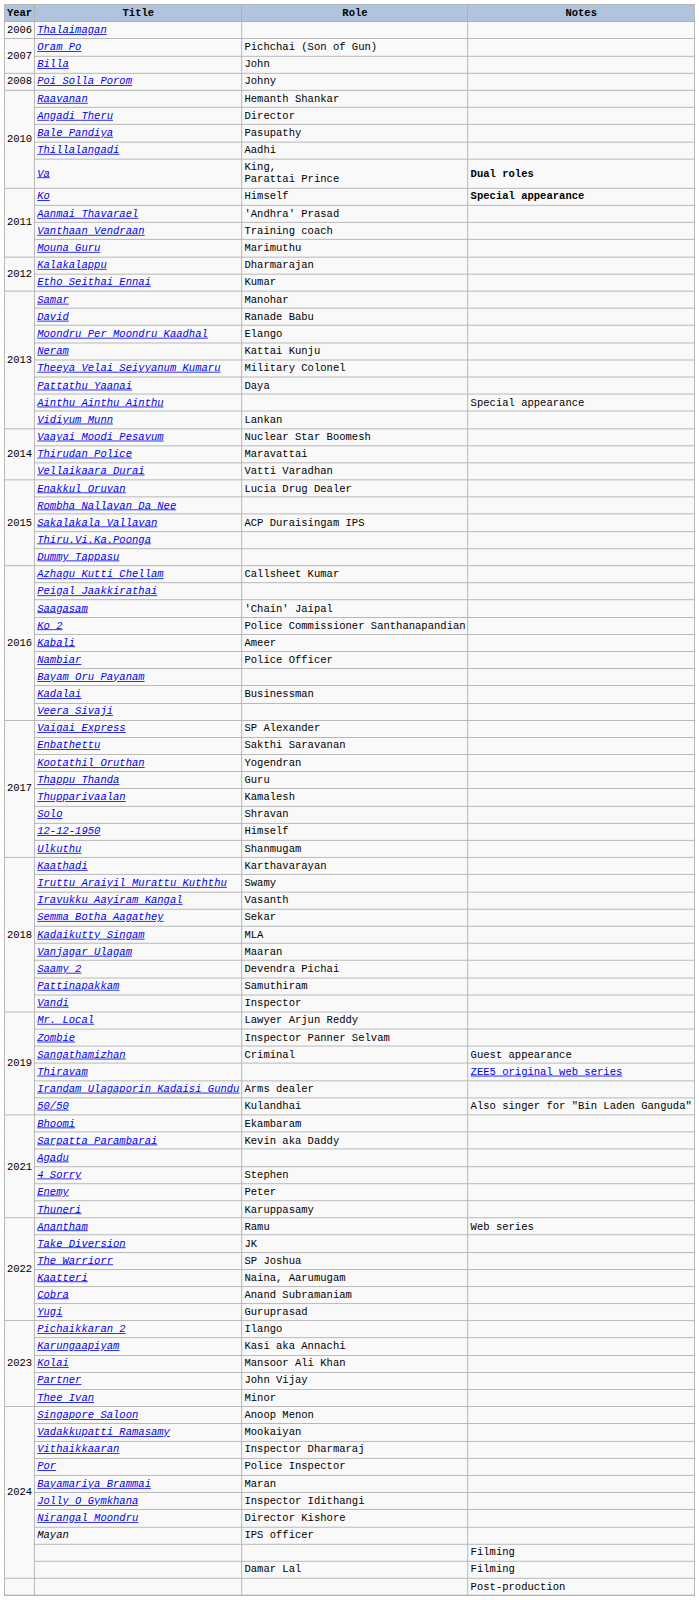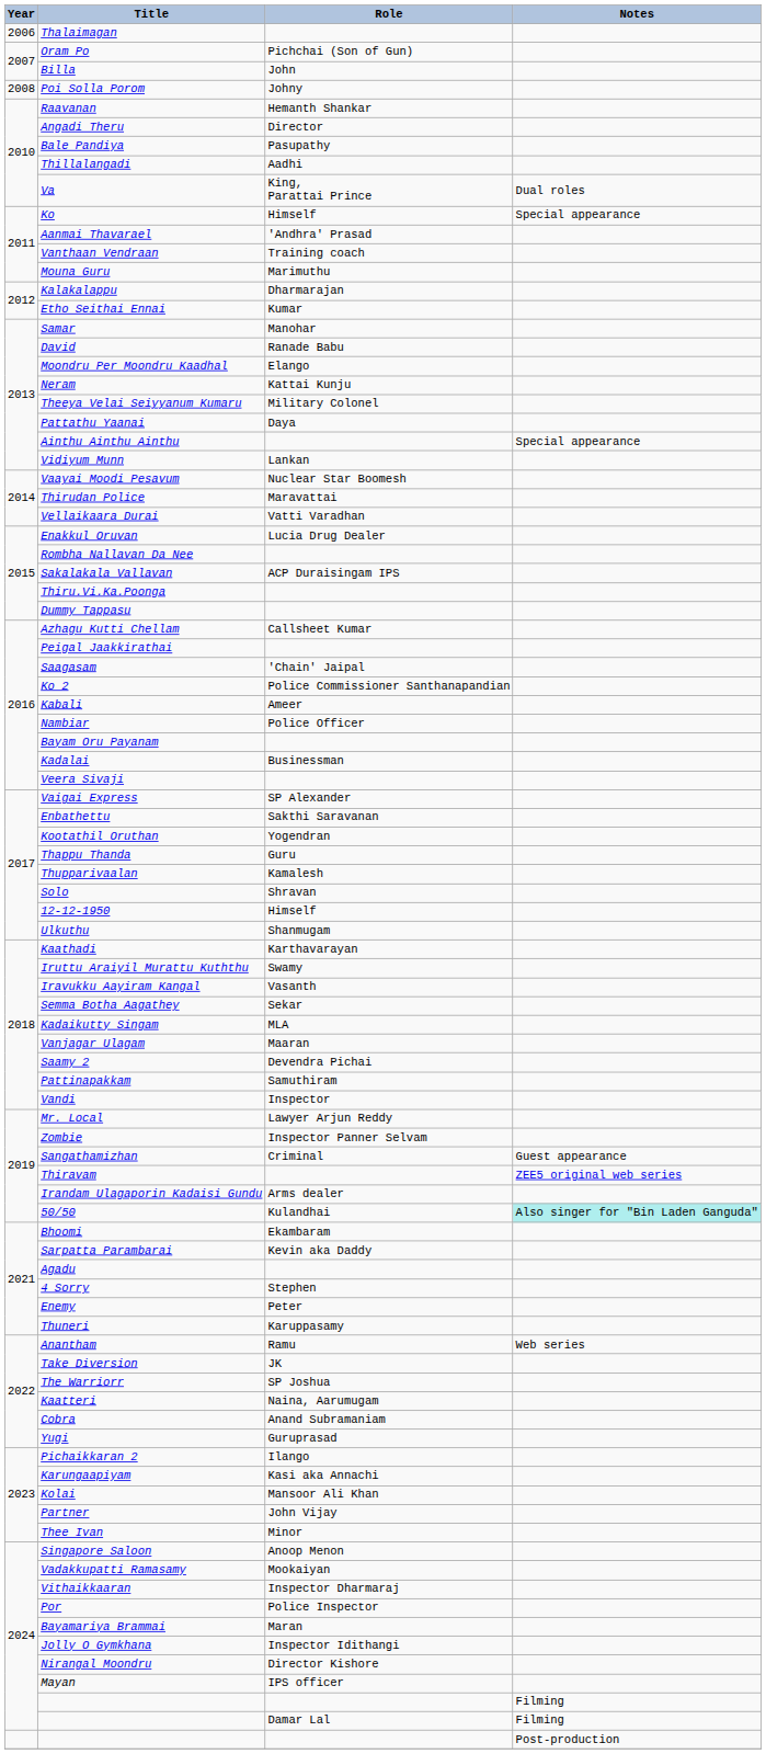 <table class="wikitable sortable">
 <tr style="text-align:center;">
 <th style="background:#B0C4DE;">Year</th>
 <th style="background:#B0C4DE;">Title</th>
 <th style="background:#B0C4DE;">Role</th>
 <th style="background:#B0C4DE;">Notes</th>
 </tr>
 <tr>
 <td>2006</td>
 <td><em><a href='#'>Thalaimagan</a></em></td>
 <td></td>
 <td></td>
 </tr>
 <tr>
 <td rowspan="2">2007</td>
 <td><em><a href='#'>Oram Po</a></em></td>
 <td>Pichchai (Son of Gun)</td>
 <td></td>
 </tr>
 <tr>
 <td><em><a href='#'>Billa</a></em></td>
 <td>John</td>
 <td></td>
 </tr>
 <tr>
 <td>2008</td>
 <td><em><a href='#'>Poi Solla Porom</a></em></td>
 <td>Johny</td>
 <td></td>
 </tr>
 <tr>
 <td rowspan="5">2010</td>
 <td><em><a href='#'>Raavanan</a></em></td>
 <td>Hemanth Shankar</td>
 <td></td>
 </tr>
 <tr>
 <td><em><a href='#'>Angadi Theru</a></em></td>
 <td>Director</td>
 <td></td>
 </tr>
 <tr>
 <td><em><a href='#'>Bale Pandiya</a></em></td>
 <td>Pasupathy</td>
 <td></td>
 </tr>
 <tr>
 <td><em><a href='#'>Thillalangadi</a></em></td>
 <td>Aadhi</td>
 <td></td>
 </tr>
 <tr>
 <td><em><a href='#'>Va</a></em></td>
 <td>King,<br>Parattai Prince</td>
-<td><strong>Dual roles</strong></td>
+<td>Dual roles</td>
 </tr>
 <tr>
 <td rowspan="4">2011</td>
 <td><em><a href='#'>Ko</a></em></td>
 <td>Himself</td>
-<td><strong>Special appearance</strong></td>
+<td>Special appearance</td>
 </tr>
 <tr>
 <td><em><a href='#'>Aanmai Thavarael</a></em></td>
 <td>'Andhra' Prasad</td>
 <td></td>
 </tr>
 <tr>
 <td><em><a href='#'>Vanthaan Vendraan</a></em></td>
 <td>Training coach</td>
 <td></td>
 </tr>
 <tr>
 <td><em><a href='#'>Mouna Guru</a></em></td>
 <td>Marimuthu</td>
 <td></td>
 </tr>
 <tr>
 <td rowspan="2">2012</td>
 <td><em><a href='#'>Kalakalappu</a></em></td>
 <td>Dharmarajan</td>
 <td></td>
 </tr>
 <tr>
 <td><em><a href='#'>Etho Seithai Ennai</a></em></td>
 <td>Kumar</td>
 <td></td>
 </tr>
 <tr>
 <td rowspan="8">2013</td>
 <td><em><a href='#'>Samar</a></em></td>
 <td>Manohar</td>
 <td></td>
 </tr>
 <tr>
 <td><em><a href='#'>David</a></em></td>
 <td>Ranade Babu</td>
 <td></td>
 </tr>
 <tr>
 <td><em><a href='#'>Moondru Per Moondru Kaadhal</a></em></td>
 <td>Elango</td>
 <td></td>
 </tr>
 <tr>
 <td><em><a href='#'>Neram</a></em></td>
 <td>Kattai Kunju</td>
 <td></td>
 </tr>
 <tr>
 <td><em><a href='#'>Theeya Velai Seiyyanum Kumaru</a></em></td>
 <td>Military Colonel</td>
 <td></td>
 </tr>
 <tr>
 <td><em><a href='#'>Pattathu Yaanai</a></em></td>
 <td>Daya</td>
 <td></td>
 </tr>
 <tr>
 <td><em><a href='#'>Ainthu Ainthu Ainthu</a></em></td>
 <td></td>
 <td>Special appearance</td>
 </tr>
 <tr>
 <td><em><a href='#'>Vidiyum Munn</a></em></td>
 <td>Lankan</td>
 <td></td>
 </tr>
 <tr>
 <td rowspan="3">2014</td>
 <td><em><a href='#'>Vaayai Moodi Pesavum</a></em></td>
 <td>Nuclear Star Boomesh</td>
 <td></td>
 </tr>
 <tr>
 <td><em><a href='#'>Thirudan Police</a></em></td>
 <td>Maravattai</td>
 <td></td>
 </tr>
 <tr>
 <td><em><a href='#'>Vellaikaara Durai</a></em></td>
 <td>Vatti Varadhan</td>
 <td></td>
 </tr>
 <tr>
 <td rowspan="5">2015</td>
 <td><em><a href='#'>Enakkul Oruvan</a></em></td>
 <td>Lucia Drug Dealer</td>
 <td></td>
 </tr>
 <tr>
 <td><em><a href='#'>Rombha Nallavan Da Nee</a></em></td>
 <td></td>
 <td></td>
 </tr>
 <tr>
 <td><em><a href='#'>Sakalakala Vallavan</a></em></td>
 <td>ACP Duraisingam IPS</td>
 <td></td>
 </tr>
 <tr>
 <td><em><a href='#'>Thiru.Vi.Ka.Poonga</a></em></td>
 <td></td>
 <td></td>
 </tr>
 <tr>
 <td><em><a href='#'>Dummy Tappasu</a></em></td>
 <td></td>
 <td></td>
 </tr>
 <tr>
 <td rowspan="9">2016</td>
 <td><em><a href='#'>Azhagu Kutti Chellam</a></em></td>
 <td>Callsheet Kumar</td>
 <td></td>
 </tr>
 <tr>
 <td><em><a href='#'>Peigal Jaakkirathai</a></em></td>
 <td></td>
 <td></td>
 </tr>
 <tr>
 <td><em><a href='#'>Saagasam</a></em></td>
 <td>'Chain' Jaipal</td>
 <td></td>
 </tr>
 <tr>
 <td><em><a href='#'>Ko 2</a></em></td>
 <td>Police Commissioner Santhanapandian</td>
 <td></td>
 </tr>
 <tr>
 <td><em><a href='#'>Kabali</a></em></td>
 <td>Ameer</td>
 <td></td>
 </tr>
 <tr>
 <td><em><a href='#'>Nambiar</a></em></td>
 <td>Police Officer</td>
 <td></td>
 </tr>
 <tr>
 <td><em><a href='#'>Bayam Oru Payanam</a></em></td>
 <td></td>
 <td></td>
 </tr>
 <tr>
 <td><em><a href='#'>Kadalai</a></em></td>
 <td>Businessman</td>
 <td></td>
 </tr>
 <tr>
 <td><em><a href='#'>Veera Sivaji</a></em></td>
 <td></td>
 <td></td>
 </tr>
 <tr>
 <td rowspan="8">2017</td>
 <td><em><a href='#'>Vaigai Express</a></em></td>
 <td>SP Alexander</td>
 <td></td>
 </tr>
 <tr>
 <td><em><a href='#'>Enbathettu</a></em></td>
 <td>Sakthi Saravanan</td>
 <td></td>
 </tr>
 <tr>
 <td><em><a href='#'>Kootathil Oruthan</a></em></td>
 <td>Yogendran</td>
 <td></td>
 </tr>
 <tr>
 <td><em><a href='#'>Thappu Thanda</a></em></td>
 <td>Guru</td>
 <td></td>
 </tr>
 <tr>
 <td><em><a href='#'>Thupparivaalan</a></em></td>
 <td>Kamalesh</td>
 <td></td>
 </tr>
 <tr>
 <td><em><a href='#'>Solo</a></em></td>
 <td>Shravan</td>
 <td></td>
 </tr>
 <tr>
 <td><em><a href='#'>12-12-1950</a></em></td>
 <td>Himself</td>
 <td></td>
 </tr>
 <tr>
 <td><em><a href='#'>Ulkuthu</a></em></td>
 <td>Shanmugam</td>
 <td></td>
 </tr>
 <tr>
 <td rowspan="9">2018</td>
 <td><em><a href='#'>Kaathadi</a></em></td>
 <td>Karthavarayan</td>
 <td></td>
 </tr>
 <tr>
 <td><em><a href='#'>Iruttu Araiyil Murattu Kuththu</a></em></td>
 <td>Swamy</td>
 <td></td>
 </tr>
 <tr>
 <td><em><a href='#'>Iravukku Aayiram Kangal</a></em></td>
 <td>Vasanth</td>
 <td></td>
 </tr>
 <tr>
 <td><em><a href='#'>Semma Botha Aagathey</a></em></td>
 <td>Sekar</td>
 <td></td>
 </tr>
 <tr>
 <td><em><a href='#'>Kadaikutty Singam</a></em></td>
 <td>MLA</td>
 <td></td>
 </tr>
 <tr>
 <td><em><a href='#'>Vanjagar Ulagam</a></em></td>
 <td>Maaran</td>
 <td></td>
 </tr>
 <tr>
 <td><em><a href='#'>Saamy 2</a></em></td>
 <td>Devendra Pichai</td>
 <td></td>
 </tr>
 <tr>
 <td><em><a href='#'>Pattinapakkam</a></em></td>
 <td>Samuthiram</td>
 <td></td>
 </tr>
 <tr>
 <td><em><a href='#'>Vandi</a></em></td>
 <td>Inspector</td>
 <td></td>
 </tr>
 <tr>
 <td rowspan="6">2019</td>
 <td><em><a href='#'>Mr. Local</a></em></td>
 <td>Lawyer Arjun Reddy</td>
 <td></td>
 </tr>
 <tr>
 <td><em><a href='#'>Zombie</a></em></td>
 <td>Inspector Panner Selvam</td>
 <td></td>
 </tr>
 <tr>
 <td><em><a href='#'>Sangathamizhan</a></em></td>
 <td>Criminal</td>
 <td>Guest appearance</td>
 </tr>
 <tr>
 <td><em><a href='#'>Thiravam</a></em></td>
 <td></td>
 <td><a href='#'>ZEE5 original web series</a></td>
 </tr>
 <tr>
 <td><em><a href='#'>Irandam Ulagaporin Kadaisi Gundu</a></em></td>
 <td>Arms dealer</td>
 <td></td>
 </tr>
 <tr>
 <td><em><a href='#'>50/50</a></em></td>
 <td>Kulandhai</td>
-<td>Also singer for "Bin Laden Ganguda"</td>
+<td style="background: paleturquoise;">Also singer for "Bin Laden Ganguda"</td>
 </tr>
 <tr>
 <td rowspan="6">2021</td>
 <td><em><a href='#'>Bhoomi</a></em></td>
 <td>Ekambaram</td>
 <td></td>
 </tr>
 <tr>
 <td><em><a href='#'>Sarpatta Parambarai</a></em></td>
 <td>Kevin aka Daddy</td>
 <td></td>
 </tr>
 <tr>
 <td><em><a href='#'>Agadu</a></em></td>
 <td></td>
 <td></td>
 </tr>
 <tr>
 <td><em><a href='#'>4 Sorry</a></em></td>
 <td>Stephen</td>
 <td></td>
 </tr>
 <tr>
 <td><em><a href='#'>Enemy</a></em></td>
 <td>Peter</td>
 <td></td>
 </tr>
 <tr>
 <td><em><a href='#'>Thuneri</a></em></td>
 <td>Karuppasamy</td>
 <td></td>
 </tr>
 <tr>
 <td rowspan="6">2022</td>
 <td><em><a href='#'>Anantham</a></em></td>
 <td>Ramu</td>
 <td>Web series</td>
 </tr>
 <tr>
 <td><em><a href='#'>Take Diversion</a></em></td>
 <td>JK</td>
 <td></td>
 </tr>
 <tr>
 <td><em><a href='#'>The Warriorr</a></em></td>
 <td>SP Joshua</td>
 <td></td>
 </tr>
 <tr>
 <td><em><a href='#'>Kaatteri</a></em></td>
 <td>Naina, Aarumugam</td>
 <td></td>
 </tr>
 <tr>
 <td><em><a href='#'>Cobra</a></em></td>
 <td>Anand Subramaniam</td>
 <td></td>
 </tr>
 <tr>
 <td><em><a href='#'>Yugi</a></em></td>
 <td>Guruprasad</td>
 <td></td>
 </tr>
 <tr>
 <td rowspan="5">2023</td>
 <td><em><a href='#'>Pichaikkaran 2</a></em></td>
 <td>Ilango</td>
 </tr>
 <tr>
 <td><em><a href='#'>Karungaapiyam</a></em></td>
 <td>Kasi aka Annachi</td>
 <td></td>
 </tr>
 <tr>
 <td><em><a href='#'>Kolai</a></em></td>
 <td>Mansoor Ali Khan</td>
 <td></td>
 </tr>
 <tr>
 <td><em><a href='#'>Partner</a></em></td>
 <td>John Vijay</td>
 <td></td>
 </tr>
 <tr>
 <td><em><a href='#'>Thee Ivan</a></em></td>
 <td>Minor</td>
 <td></td>
 </tr>
 <tr>
 <td rowspan="10">2024</td>
 <td><em><a href='#'>Singapore Saloon</a></em></td>
 <td>Anoop Menon</td>
 <td></td>
 </tr>
 <tr>
 <td><em><a href='#'>Vadakkupatti Ramasamy</a></em></td>
 <td>Mookaiyan</td>
 <td></td>
 </tr>
 <tr>
 <td><em><a href='#'>Vithaikkaaran</a></em></td>
 <td>Inspector Dharmaraj</td>
 <td></td>
 </tr>
 <tr>
 <td><em><a href='#'>Por</a></em></td>
 <td>Police Inspector</td>
 <td></td>
 </tr>
 <tr>
 <td><em><a href='#'>Bayamariya Brammai</a></em></td>
 <td>Maran</td>
 <td></td>
 </tr>
 <tr>
 <td><em><a href='#'>Jolly O Gymkhana</a></em></td>
 <td>Inspector Idithangi</td>
 <td></td>
 </tr>
 <tr>
 <td><em><a href='#'>Nirangal Moondru</a></em></td>
 <td>Director Kishore</td>
 <td></td>
 </tr>
 <tr>
 <td><em>Mayan</em></td>
 <td>IPS officer</td>
 <td></td>
 </tr>
 <tr>
 <td></td>
 <td></td>
 <td>Filming</td>
 </tr>
 <tr>
 <td></td>
 <td>Damar Lal</td>
 <td>Filming</td>
 </tr>
 <tr>
 <td></td>
 <td></td>
 <td></td>
 <td>Post-production</td>
 </tr>
 <tr>
 </tr>
 </table>
